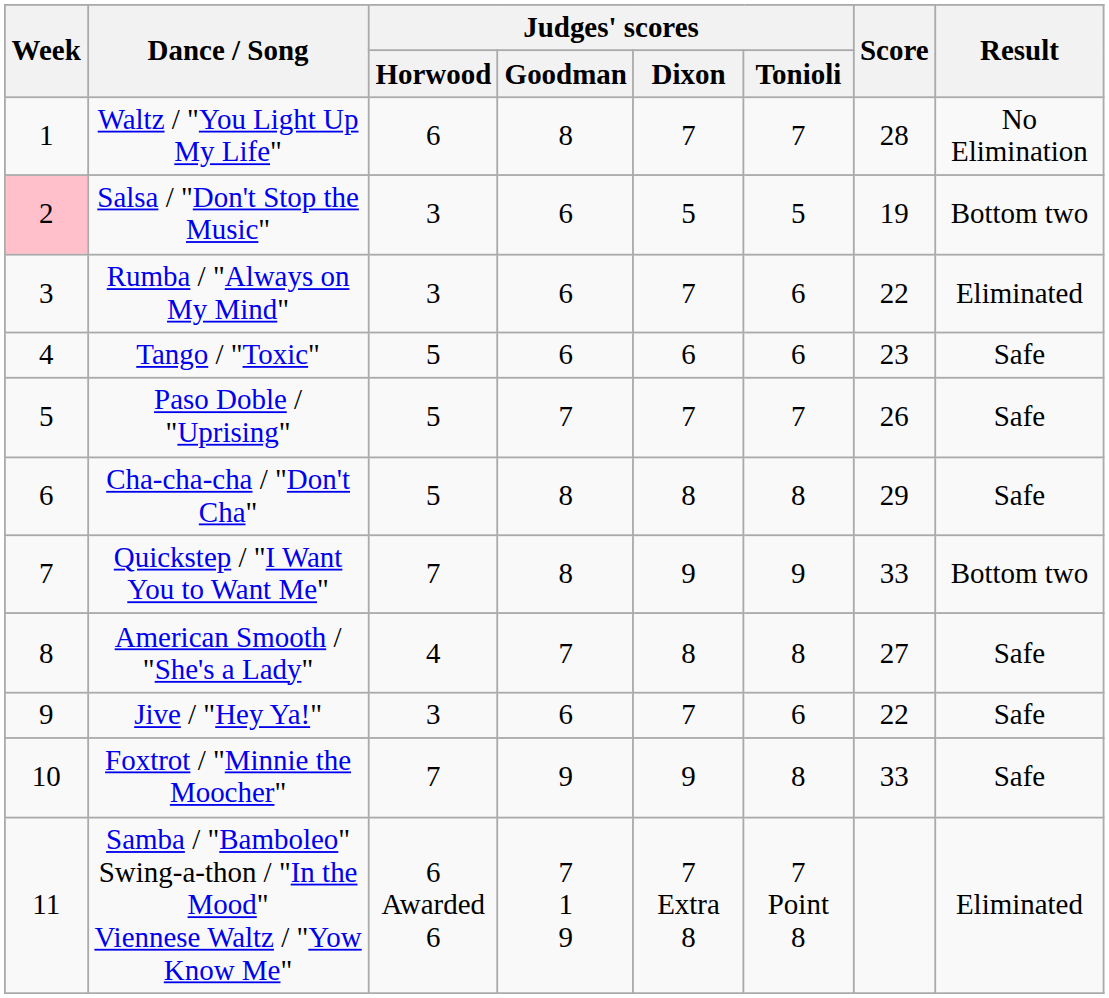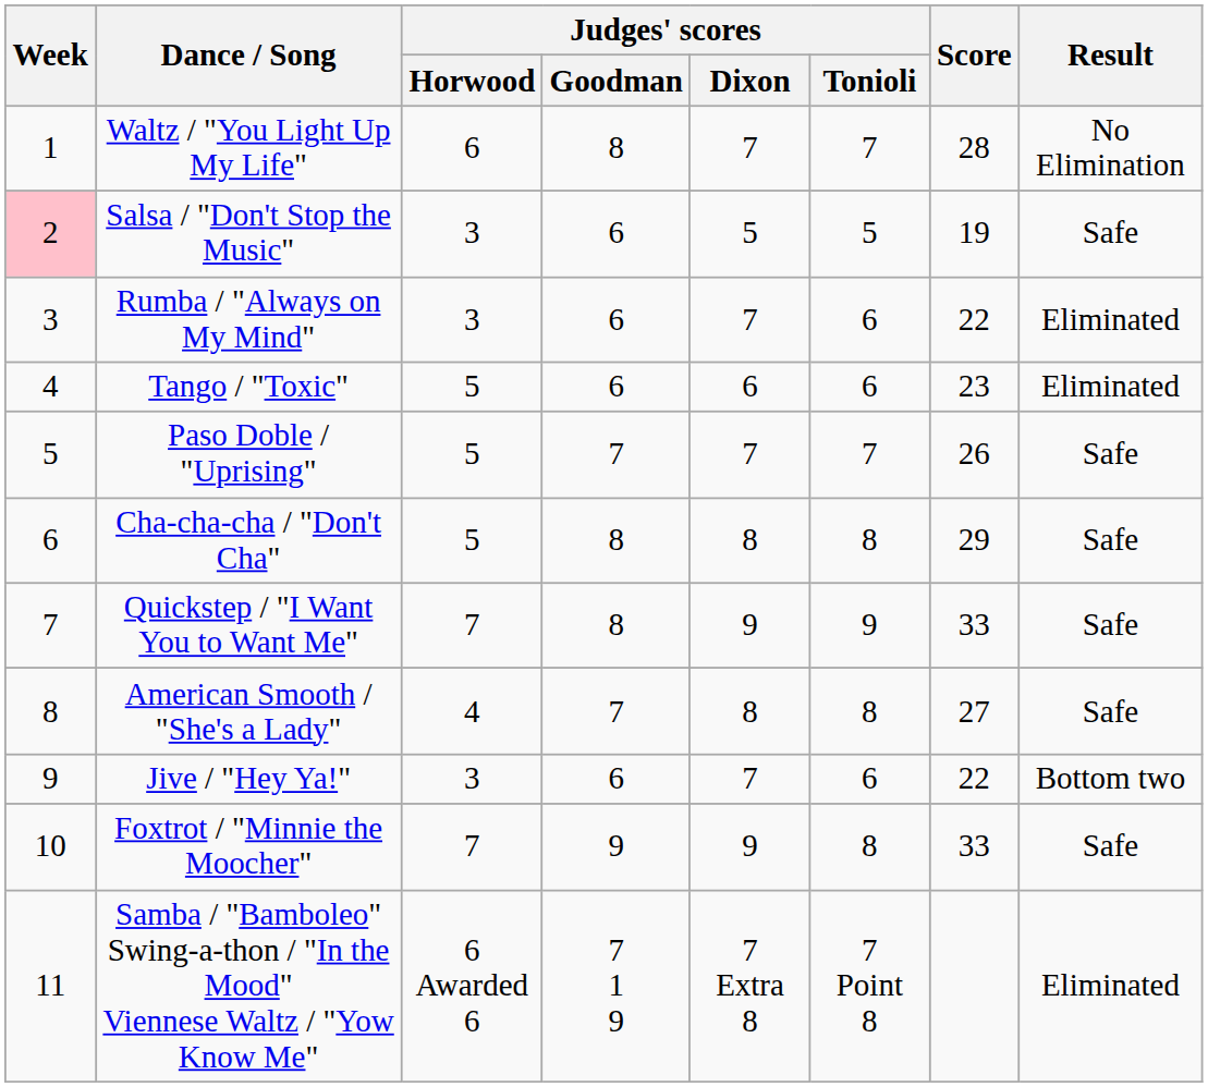 <table class="wikitable">
 <tr>
 <th rowspan="2">Week </th>
 <th rowspan="2">Dance / Song</th>
 <th colspan="4">Judges' scores</th>
 <th rowspan="2">Score</th>
 <th rowspan="2">Result</th>
 </tr>
 <tr>
 <th style="width:10%; ">Horwood</th>
 <th style="width:10%; ">Goodman</th>
 <th style="width:10%; ">Dixon</th>
 <th style="width:10%; ">Tonioli</th>
 </tr>
 <tr style="text-align: center; ">
 <td>1</td>
 <td><a href='#'>Waltz</a> / "<a href='#'>You Light Up My Life</a>"</td>
 <td>6</td>
 <td>8</td>
 <td>7</td>
 <td>7</td>
 <td>28</td>
 <td>No Elimination</td>
 </tr>
 <tr style="text-align: center;">
 <td style="background: pink;">2</td>
 <td><a href='#'>Salsa</a> / "<a href='#'>Don't Stop the Music</a>"</td>
 <td>3</td>
 <td>6</td>
 <td>5</td>
 <td>5</td>
 <td>19</td>
-<td>Bottom two</td>
+<td>Safe</td>
 </tr>
 <tr style="text-align: center;">
 <td>3</td>
 <td><a href='#'>Rumba</a> / "<a href='#'>Always on My Mind</a>"</td>
 <td>3</td>
 <td>6</td>
 <td>7</td>
 <td>6</td>
 <td>22</td>
 <td>Eliminated</td>
 </tr>
 <tr style="text-align: center;">
 <td>4</td>
 <td><a href='#'>Tango</a> / "<a href='#'>Toxic</a>"</td>
 <td>5</td>
 <td>6</td>
 <td>6</td>
 <td>6</td>
 <td>23</td>
-<td>Safe</td>
+<td>Eliminated</td>
 </tr>
 <tr style="text-align: center;">
 <td>5</td>
 <td><a href='#'>Paso Doble</a> / "<a href='#'>Uprising</a>"</td>
 <td>5</td>
 <td>7</td>
 <td>7</td>
 <td>7</td>
 <td>26</td>
 <td>Safe</td>
 </tr>
 <tr style="text-align: center;">
 <td>6</td>
 <td><a href='#'>Cha-cha-cha</a> / "<a href='#'>Don't Cha</a>"</td>
 <td>5</td>
 <td>8</td>
 <td>8</td>
 <td>8</td>
 <td>29</td>
 <td>Safe</td>
 </tr>
 <tr style="text-align: center;">
 <td>7</td>
 <td><a href='#'>Quickstep</a> / "<a href='#'>I Want You to Want Me</a>"</td>
 <td>7</td>
 <td>8</td>
 <td>9</td>
 <td>9</td>
 <td>33</td>
-<td>Bottom two</td>
+<td>Safe</td>
 </tr>
 <tr style="text-align: center;">
 <td>8</td>
 <td><a href='#'>American Smooth</a> / "<a href='#'>She's a Lady</a>"</td>
 <td>4</td>
 <td>7</td>
 <td>8</td>
 <td>8</td>
 <td>27</td>
 <td>Safe</td>
 </tr>
 <tr style="text-align: center;">
 <td>9</td>
 <td><a href='#'>Jive</a> / "<a href='#'>Hey Ya!</a>"</td>
 <td>3</td>
 <td>6</td>
 <td>7</td>
 <td>6</td>
 <td>22</td>
-<td>Safe</td>
+<td>Bottom two</td>
 </tr>
 <tr style="text-align: center;">
 <td>10</td>
 <td><a href='#'>Foxtrot</a> / "<a href='#'>Minnie the Moocher</a>"</td>
 <td>7</td>
 <td>9</td>
 <td>9</td>
 <td>8</td>
 <td>33</td>
 <td>Safe</td>
 </tr>
 <tr style="text-align: center;">
 <td>11</td>
 <td><a href='#'>Samba</a> / "<a href='#'>Bamboleo</a>"<br>Swing-a-thon / "<a href='#'>In the Mood</a>"<br><a href='#'>Viennese Waltz</a> / "<a href='#'>Yow Know Me</a>"</td>
 <td>6<br>Awarded<br>6</td>
 <td>7<br>1<br>9</td>
 <td>7<br>Extra<br>8</td>
 <td>7<br>Point<br>8</td>
 <td><br><br></td>
 <td>Eliminated</td>
 </tr>
 </table>
